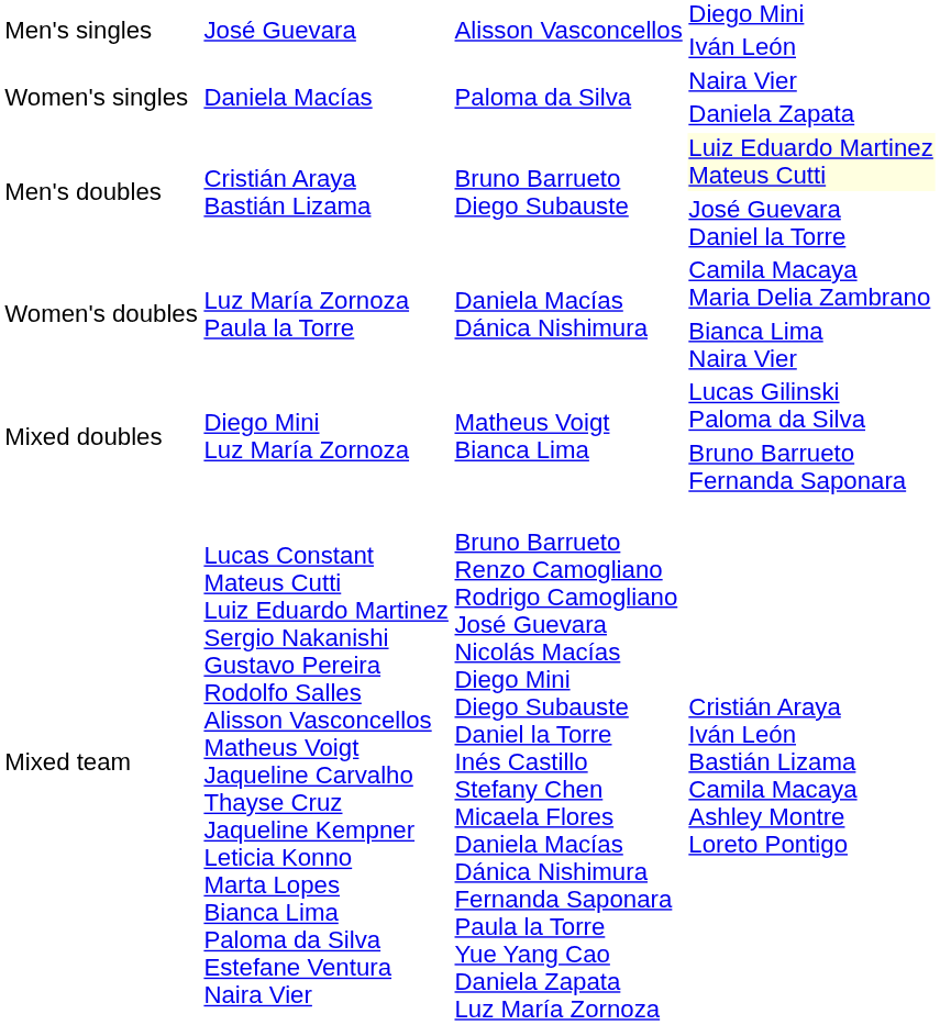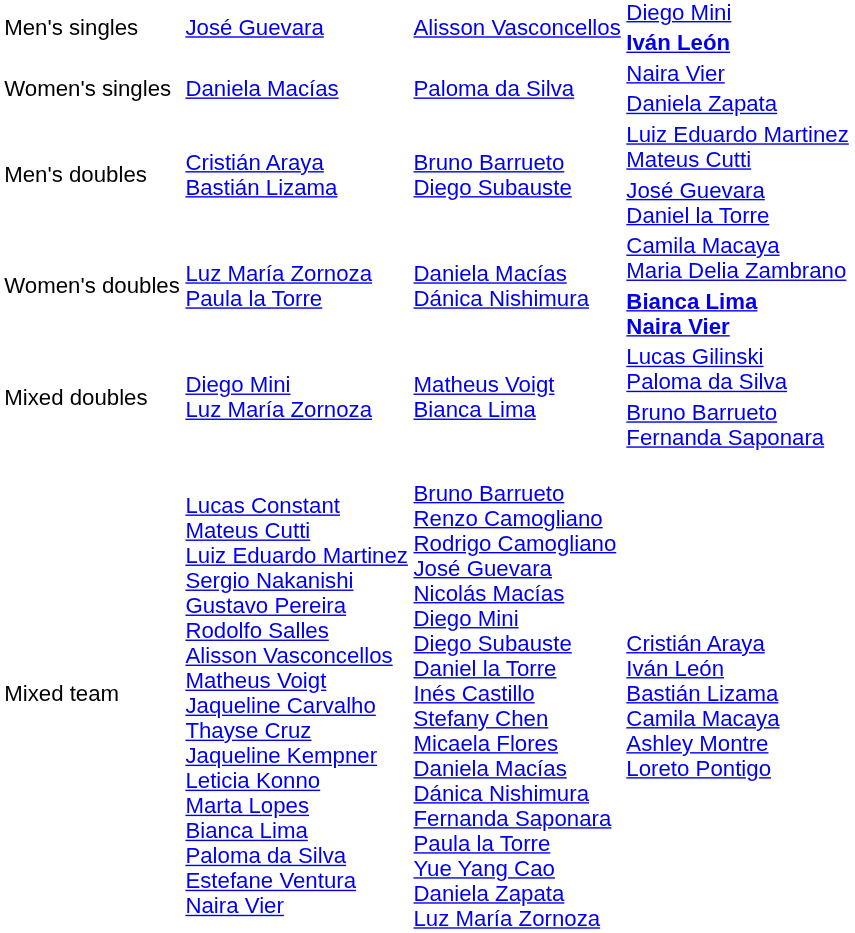 <table>
 <tr>
 <td rowspan="2">Men's singles</td>
 <td rowspan="2"> <a href='#'>José Guevara</a></td>
 <td rowspan="2"> <a href='#'>Alisson Vasconcellos</a></td>
 <td> <a href='#'>Diego Mini</a></td>
 </tr>
 <tr>
-<td> <a href='#'>Iván León</a></td>
+<td><strong> <a href='#'>Iván León</a></strong></td>
 </tr>
 <tr>
 <td rowspan="2">Women's singles</td>
 <td rowspan="2"> <a href='#'>Daniela Macías</a></td>
 <td rowspan="2"> <a href='#'>Paloma da Silva</a></td>
 <td> <a href='#'>Naira Vier</a></td>
 </tr>
 <tr>
 <td> <a href='#'>Daniela Zapata</a></td>
 </tr>
 <tr>
 <td rowspan="2">Men's doubles</td>
 <td rowspan="2"> <a href='#'>Cristián Araya</a><br> <a href='#'>Bastián Lizama</a></td>
 <td rowspan="2"> <a href='#'>Bruno Barrueto</a><br> <a href='#'>Diego Subauste</a></td>
-<td style="background: lightyellow;"> <a href='#'>Luiz Eduardo Martinez</a><br> <a href='#'>Mateus Cutti</a></td>
+<td> <a href='#'>Luiz Eduardo Martinez</a><br> <a href='#'>Mateus Cutti</a></td>
 </tr>
 <tr>
 <td> <a href='#'>José Guevara</a><br> <a href='#'>Daniel la Torre</a></td>
 </tr>
 <tr>
 <td rowspan="2">Women's doubles</td>
 <td rowspan="2"> <a href='#'>Luz María Zornoza</a><br> <a href='#'>Paula la Torre</a></td>
 <td rowspan="2"> <a href='#'>Daniela Macías</a><br> <a href='#'>Dánica Nishimura</a></td>
 <td> <a href='#'>Camila Macaya</a><br> <a href='#'>Maria Delia Zambrano</a></td>
 </tr>
 <tr>
-<td> <a href='#'>Bianca Lima</a><br> <a href='#'>Naira Vier</a></td>
+<td><strong> <a href='#'>Bianca Lima</a><br> <a href='#'>Naira Vier</a></strong></td>
 </tr>
 <tr>
 <td rowspan="2">Mixed doubles</td>
 <td rowspan="2"> <a href='#'>Diego Mini</a><br> <a href='#'>Luz María Zornoza</a></td>
 <td rowspan="2"> <a href='#'>Matheus Voigt</a><br> <a href='#'>Bianca Lima</a></td>
 <td> <a href='#'>Lucas Gilinski</a><br> <a href='#'>Paloma da Silva</a></td>
 </tr>
 <tr>
 <td> <a href='#'>Bruno Barrueto</a><br> <a href='#'>Fernanda Saponara</a></td>
 </tr>
 <tr>
 <td>Mixed team</td>
 <td align="left"><br><a href='#'>Lucas Constant</a><br><a href='#'>Mateus Cutti</a><br><a href='#'>Luiz Eduardo Martinez</a><br><a href='#'>Sergio Nakanishi</a><br><a href='#'>Gustavo Pereira</a><br><a href='#'>Rodolfo Salles</a><br><a href='#'>Alisson Vasconcellos</a><br><a href='#'>Matheus Voigt</a><br><a href='#'>Jaqueline Carvalho</a><br><a href='#'>Thayse Cruz</a><br><a href='#'>Jaqueline Kempner</a><br><a href='#'>Leticia Konno</a><br><a href='#'>Marta Lopes</a><br><a href='#'>Bianca Lima</a><br><a href='#'>Paloma da Silva</a><br><a href='#'>Estefane Ventura</a><br><a href='#'>Naira Vier</a></td>
 <td align="left"><br><a href='#'>Bruno Barrueto</a><br><a href='#'>Renzo Camogliano</a><br><a href='#'>Rodrigo Camogliano</a><br><a href='#'>José Guevara</a><br><a href='#'>Nicolás Macías</a><br><a href='#'>Diego Mini</a><br><a href='#'>Diego Subauste</a><br><a href='#'>Daniel la Torre</a><br><a href='#'>Inés Castillo</a><br><a href='#'>Stefany Chen</a><br><a href='#'>Micaela Flores</a><br><a href='#'>Daniela Macías</a><br><a href='#'>Dánica Nishimura</a><br><a href='#'>Fernanda Saponara</a><br><a href='#'>Paula la Torre</a><br><a href='#'>Yue Yang Cao</a><br><a href='#'>Daniela Zapata</a><br><a href='#'>Luz María Zornoza</a></td>
 <td align="left"><br><a href='#'>Cristián Araya</a><br><a href='#'>Iván León</a><br><a href='#'>Bastián Lizama</a><br><a href='#'>Camila Macaya</a><br><a href='#'>Ashley Montre</a><br><a href='#'>Loreto Pontigo</a></td>
 </tr>
 </table>
